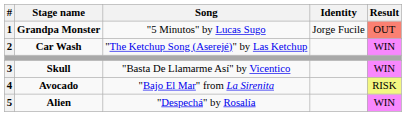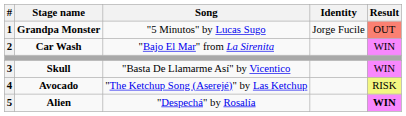 <table class="wikitable plainrowheaders" style="text-align: center;">
 <tr>
 <th>#</th>
 <th>Stage name</th>
 <th>Song</th>
 <th>Identity</th>
 <th>Result</th>
 </tr>
 <tr>
 <th><strong>1</strong></th>
 <td><strong>Grandpa Monster</strong></td>
 <td>"5 Minutos" by <a href='#'>Lucas Sugo</a></td>
 <td>Jorge Fucile</td>
 <td bgcolor="salmon">OUT</td>
 </tr>
 <tr>
 <th><strong>2</strong></th>
 <td><strong>Car Wash</strong></td>
-<td>"<a href='#'>The Ketchup Song (Aserejé)</a>" by <a href='#'>Las Ketchup</a></td>
+<td>"<a href='#'>Bajo El Mar</a>" from <em><a href='#'>La Sirenita</a></em></td>
 <td></td>
 <td bgcolor="#F888FD">WIN</td>
 </tr>
 <tr>
 <td colspan="5" style="background:darkgray"></td>
 </tr>
 <tr>
 <th><strong>3</strong></th>
 <td><strong>Skull</strong></td>
 <td>"Basta De Llamarme Así" by <a href='#'>Vicentico</a></td>
 <td></td>
 <td bgcolor="#F888FD">WIN</td>
 </tr>
 <tr>
 <th><strong>4</strong></th>
 <td><strong>Avocado</strong></td>
-<td>"<a href='#'>Bajo El Mar</a>" from <em><a href='#'>La Sirenita</a></em></td>
+<td>"<a href='#'>The Ketchup Song (Aserejé)</a>" by <a href='#'>Las Ketchup</a></td>
 <td></td>
 <td bgcolor="#F3F781">RISK</td>
 </tr>
 <tr>
 <th><strong>5</strong></th>
 <td><strong>Alien</strong></td>
 <td>"<a href='#'>Despechá</a>" by <a href='#'>Rosalía</a></td>
 <td></td>
-<td bgcolor="#F888FD">WIN</td>
+<td bgcolor="#F888FD"><strong>WIN</strong></td>
 </tr>
 </table>
